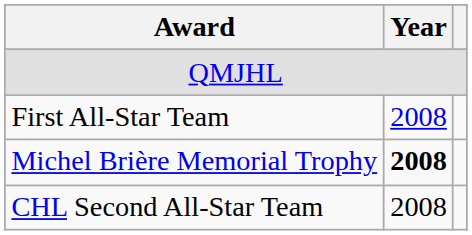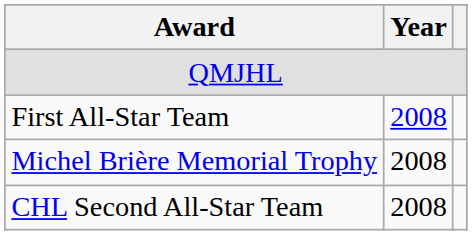 <table class="wikitable">
 <tr>
 <th>Award</th>
 <th>Year</th>
 <th></th>
 </tr>
 <tr ALIGN="center" bgcolor="#e0e0e0">
 <td colspan="3"><a href='#'>QMJHL</a></td>
 </tr>
 <tr>
 <td>First All-Star Team</td>
 <td><a href='#'>2008</a></td>
 <td></td>
 </tr>
 <tr>
 <td><a href='#'>Michel Brière Memorial Trophy</a></td>
-<td><strong>2008</strong></td>
+<td>2008</td>
 <td></td>
 </tr>
 <tr>
 <td><a href='#'>CHL</a> Second All-Star Team</td>
 <td>2008</td>
 <td></td>
 </tr>
 </table>
